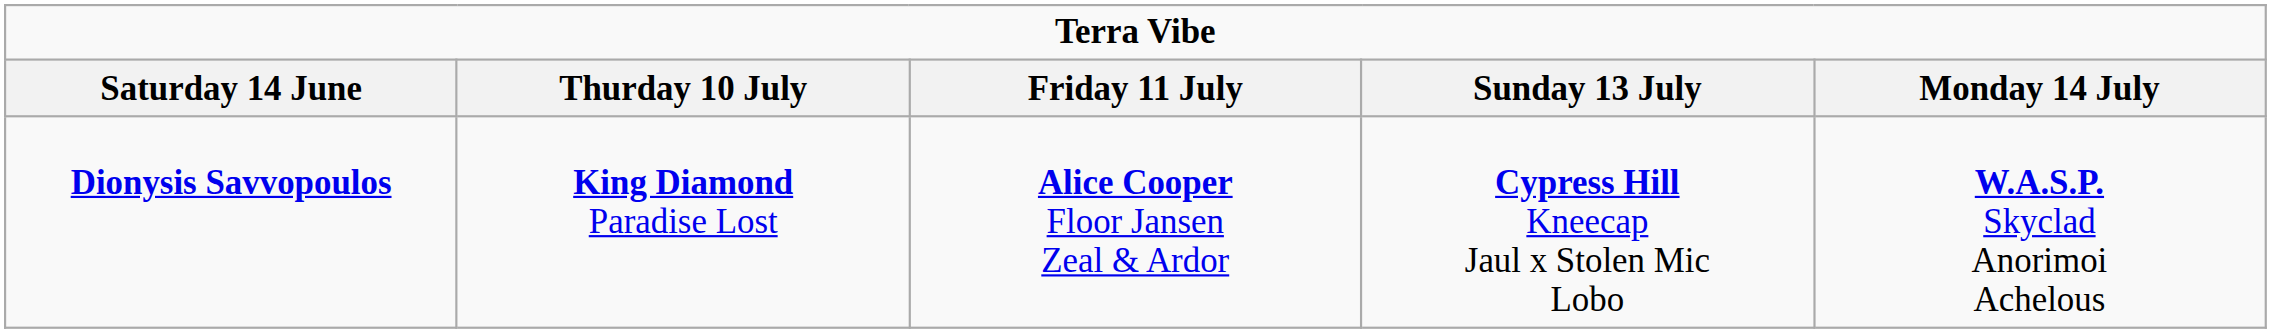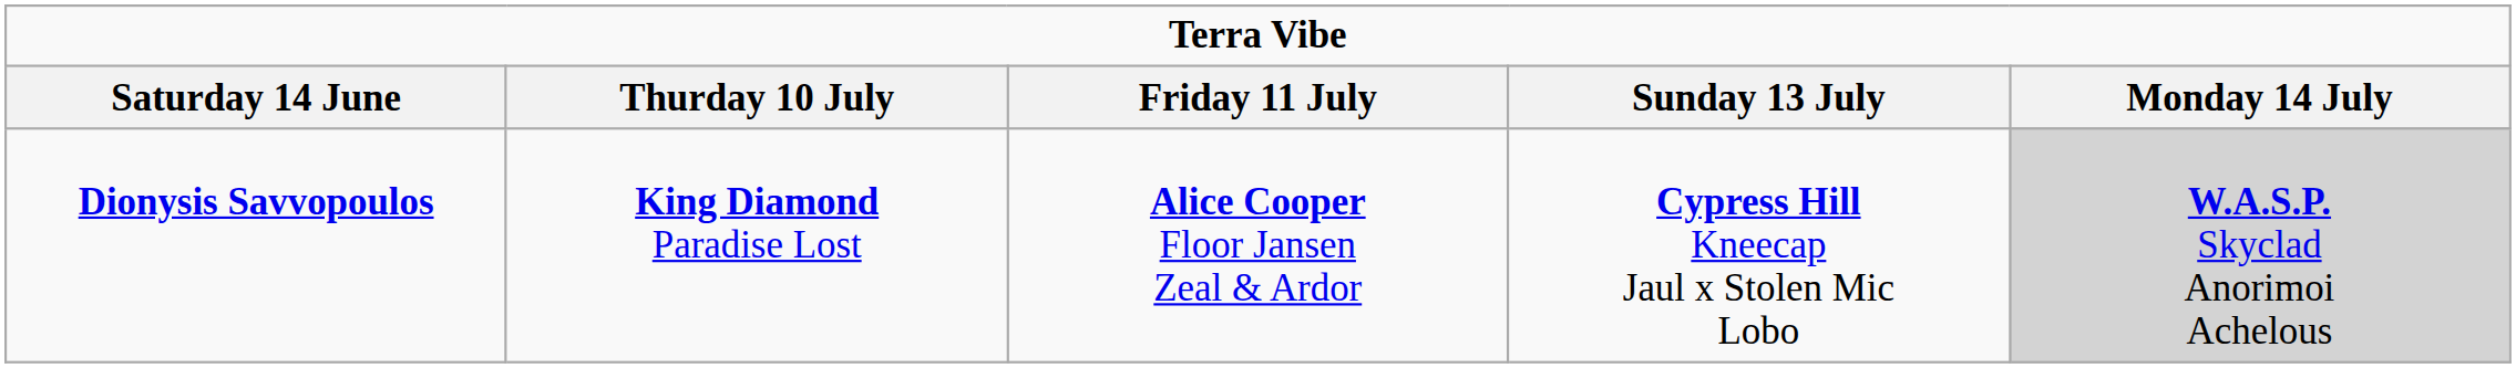 <table class="wikitable">
 <tr>
 <td colspan="5" align="center"><strong>Terra Vibe</strong></td>
 </tr>
 <tr>
 <th>Saturday 14 June</th>
 <th>Thurday 10 July</th>
 <th>Friday 11 July</th>
 <th>Sunday 13 July</th>
 <th>Monday 14 July</th>
 </tr>
 <tr>
 <td valign="top" align="center" width=200><br><strong><a href='#'>Dionysis Savvopoulos</a></strong></td>
 <td valign="top" align="center" width=200><br><strong><a href='#'>King Diamond</a></strong> <br><a href='#'>Paradise Lost</a></td>
 <td valign="top" align="center" width=200><br><strong><a href='#'>Alice Cooper</a></strong> <br><a href='#'>Floor Jansen</a> <br><a href='#'>Zeal & Ardor</a></td>
 <td valign="top" align="center" width=200><br><strong><a href='#'>Cypress Hill</a></strong> <br><a href='#'>Kneecap</a> <br>Jaul x Stolen Mic <br>Lobo</td>
-<td valign="top" align="center" width=200><br><strong><a href='#'>W.A.S.P.</a></strong> <br><a href='#'>Skyclad</a> <br>Anorimoi <br>Achelous</td>
+<td valign="top" align="center" width=200 style="background: lightgrey;"><br><strong><a href='#'>W.A.S.P.</a></strong> <br><a href='#'>Skyclad</a> <br>Anorimoi <br>Achelous</td>
 </tr>
 </table>
